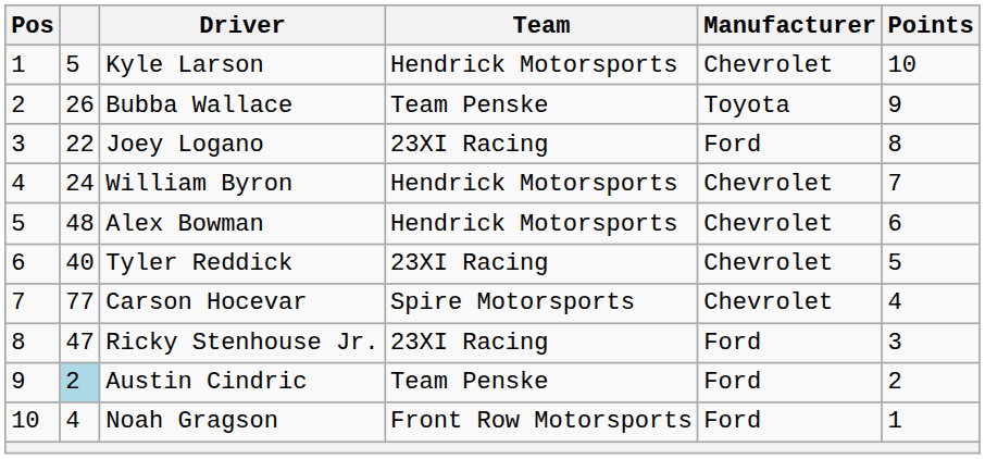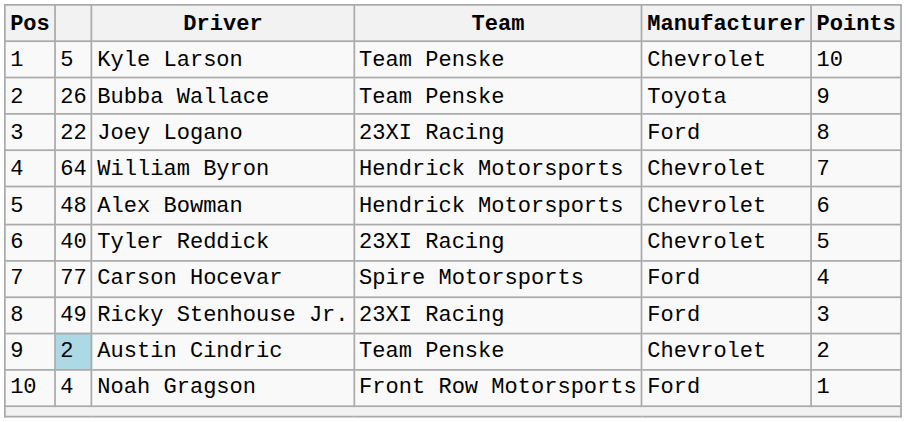 <table class="wikitable" style="font-size:98%">
 <tr>
 <th>Pos</th>
 <th></th>
 <th>Driver</th>
 <th>Team</th>
 <th>Manufacturer</th>
 <th>Points</th>
 </tr>
 <tr>
 <td>1</td>
 <td>5</td>
 <td>Kyle Larson</td>
-<td>Hendrick Motorsports</td>
+<td>Team Penske</td>
 <td>Chevrolet</td>
 <td>10</td>
 </tr>
 <tr>
 <td>2</td>
 <td>26</td>
 <td>Bubba Wallace</td>
 <td>Team Penske</td>
 <td>Toyota</td>
 <td>9</td>
 </tr>
 <tr>
 <td>3</td>
 <td>22</td>
 <td>Joey Logano</td>
 <td>23XI Racing</td>
 <td>Ford</td>
 <td>8</td>
 </tr>
 <tr>
 <td>4</td>
-<td>24</td>
+<td>64</td>
 <td>William Byron</td>
 <td>Hendrick Motorsports</td>
 <td>Chevrolet</td>
 <td>7</td>
 </tr>
 <tr>
 <td>5</td>
 <td>48</td>
 <td>Alex Bowman</td>
 <td>Hendrick Motorsports</td>
 <td>Chevrolet</td>
 <td>6</td>
 </tr>
 <tr>
 <td>6</td>
 <td>40</td>
 <td>Tyler Reddick</td>
 <td>23XI Racing</td>
 <td>Chevrolet</td>
 <td>5</td>
 </tr>
 <tr>
 <td>7</td>
 <td>77</td>
 <td>Carson Hocevar</td>
 <td>Spire Motorsports</td>
-<td>Chevrolet</td>
+<td>Ford</td>
 <td>4</td>
 </tr>
 <tr>
 <td>8</td>
-<td>47</td>
+<td>49</td>
 <td>Ricky Stenhouse Jr.</td>
 <td>23XI Racing</td>
 <td>Ford</td>
 <td>3</td>
 </tr>
 <tr>
 <td>9</td>
 <td style="background: lightblue;">2</td>
 <td>Austin Cindric</td>
 <td>Team Penske</td>
-<td>Ford</td>
+<td>Chevrolet</td>
 <td>2</td>
 </tr>
 <tr>
 <td>10</td>
 <td>4</td>
 <td>Noah Gragson</td>
 <td>Front Row Motorsports</td>
 <td>Ford</td>
 <td>1</td>
 </tr>
 <tr>
 <th colspan="6"></th>
 </tr>
 </table>
